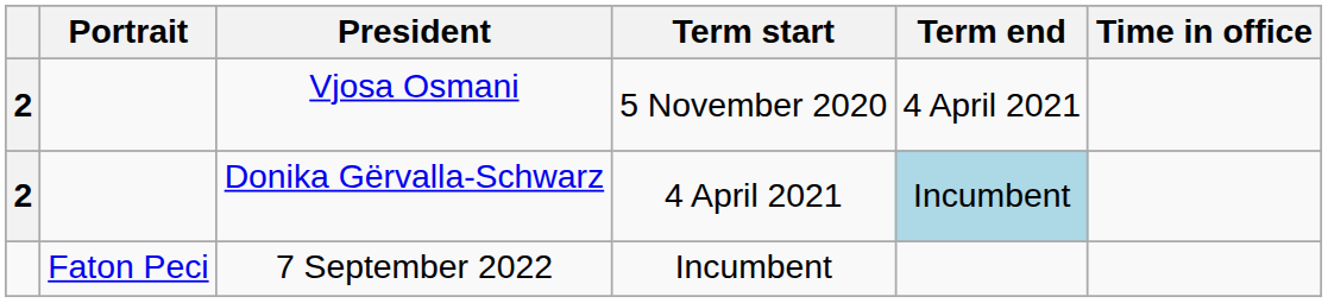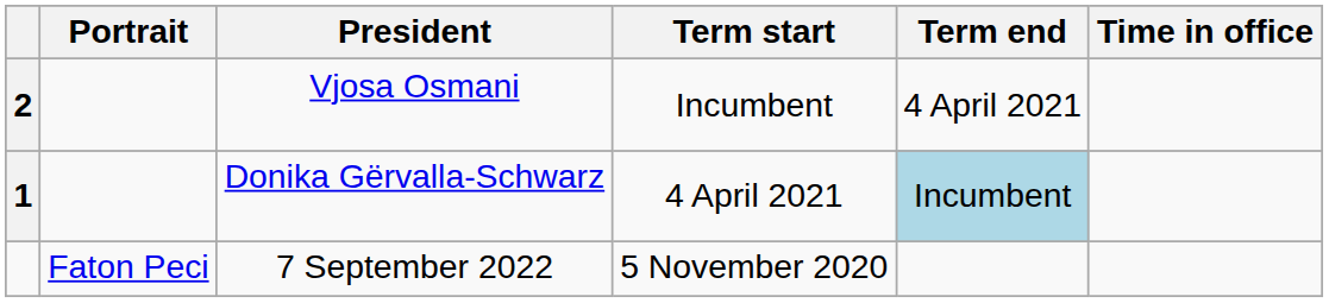 <table class="wikitable" style="text-align:center">
 <tr>
 <th></th>
 <th>Portrait</th>
 <th>President<br></th>
 <th>Term start</th>
 <th>Term end</th>
 <th>Time in office</th>
 </tr>
 <tr>
 <th style="background-color:">2</th>
 <td></td>
 <td><a href='#'>Vjosa Osmani</a><br><br></td>
-<td>5 November 2020</td>
+<td>Incumbent</td>
 <td>4 April 2021</td>
 <td></td>
 </tr>
 <tr>
-<th style="background-color:">2</th>
+<th style="background-color:">1</th>
 <td></td>
 <td><a href='#'>Donika Gërvalla-Schwarz</a><br><br></td>
 <td>4 April 2021</td>
 <td style="background: lightblue;">Incumbent</td>
 <td></td>
 </tr>
 <tr>
 <td></td>
 <td><a href='#'>Faton Peci</a><br></td>
 <td>7 September 2022</td>
-<td>Incumbent</td>
+<td>5 November 2020</td>
 <td></td>
 </tr>
 </table>
